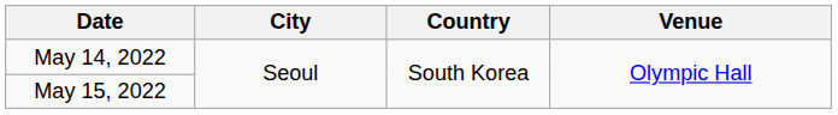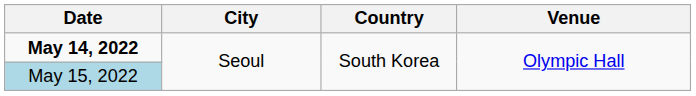 <table class="wikitable" style="text-align:center;">
 <tr>
 <th width="200">Date</th>
 <th width="200">City</th>
 <th width="150">Country</th>
 <th width="300">Venue</th>
 </tr>
 <tr>
-<td>May 14, 2022</td>
+<td><strong>May 14, 2022</strong></td>
 <td rowspan="2">Seoul</td>
 <td rowspan="2">South Korea</td>
 <td rowspan="2"><a href='#'>Olympic Hall</a></td>
 </tr>
 <tr>
-<td>May 15, 2022</td>
+<td style="background: lightblue;">May 15, 2022</td>
 </tr>
 </table>
